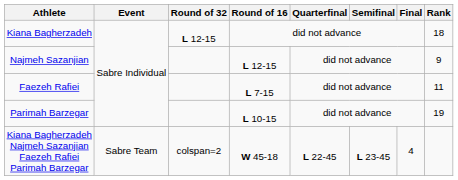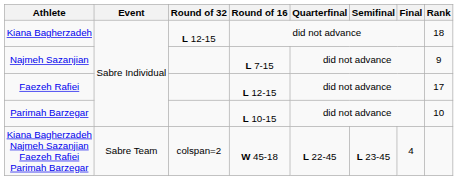 <table class=wikitable style=font-size:88%;text-align:center>
 <tr>
 <th>Athlete</th>
 <th>Event</th>
 <th>Round of 32</th>
 <th>Round of 16</th>
 <th>Quarterfinal</th>
 <th>Semifinal</th>
 <th>Final</th>
 <th>Rank</th>
 </tr>
 <tr>
 <td><a href='#'>Kiana Bagherzadeh</a></td>
 <td rowspan=4>Sabre Individual</td>
 <td><br><strong>L</strong> 12-15</td>
 <td colspan=4>did not advance</td>
 <td>18</td>
 </tr>
 <tr>
 <td><a href='#'>Najmeh Sazanjian</a></td>
 <td></td>
-<td><br><strong>L</strong> 12-15</td>
+<td><br><strong>L</strong> 7-15</td>
 <td colspan=3>did not advance</td>
 <td>9</td>
 </tr>
 <tr>
 <td><a href='#'>Faezeh Rafiei</a></td>
 <td></td>
-<td><br><strong>L</strong> 7-15</td>
+<td><br><strong>L</strong> 12-15</td>
 <td colspan=3>did not advance</td>
-<td>11</td>
+<td>17</td>
 </tr>
 <tr>
 <td><a href='#'>Parimah Barzegar</a></td>
 <td></td>
 <td><br><strong>L</strong> 10-15</td>
 <td colspan=3>did not advance</td>
-<td>19</td>
+<td>10</td>
 </tr>
 <tr>
 <td><a href='#'>Kiana Bagherzadeh</a><br><a href='#'>Najmeh Sazanjian</a><br><a href='#'>Faezeh Rafiei</a><br><a href='#'>Parimah Barzegar</a></td>
 <td>Sabre Team</td>
 <td>colspan=2 </td>
 <td><br><strong>W</strong> 45-18</td>
 <td><br><strong>L</strong> 22-45</td>
 <td><br><strong>L</strong> 23-45</td>
 <td>4</td>
 </tr>
 </table>
